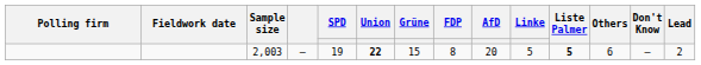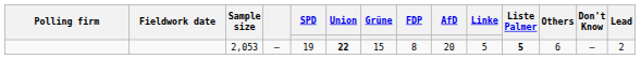 <table class="wikitable sortable mw-datatable mw-collapsible" style="text-align:center;font-size:90%;line-height:14px;">
 <tr style="height:40px;">
 <th style="width:155px;" rowspan="2">Polling firm</th>
 <th style="width:120px;" rowspan="2">Fieldwork date</th>
 <th style="width: 35px;" rowspan="2">Sample<br>size</th>
 <th style="width: 30px;" rowspan="2"></th>
 <th class="unsortable" style="width:40px;"><a href='#'>SPD</a></th>
 <th class="unsortable" style="width:40px;"><a href='#'>Union</a></th>
 <th class="unsortable" style="width:40px;"><a href='#'>Grüne</a></th>
 <th class="unsortable" style="width:40px;"><a href='#'>FDP</a></th>
 <th class="unsortable" style="width:40px;"><a href='#'>AfD</a></th>
 <th class="unsortable" style="width:40px;"><a href='#'>Linke</a></th>
 <th class="unsortable" style="width:40px;" rowspan="2">Liste <a href='#'>Palmer</a></th>
 <th class="unsortable" style="width:30px;" rowspan="2">Others</th>
 <th class="unsortable" style="width:30px;" rowspan="2">Don't Know</th>
 <th style="width:30px;" rowspan="2">Lead</th>
 </tr>
 <tr>
 <th style="background:"></th>
 <th style="background:"></th>
 <th style="background:"></th>
 <th style="background:"></th>
 <th style="background:"></th>
 <th style="background:"></th>
 </tr>
 <tr>
 <td></td>
 <td></td>
-<td>2,003</td>
+<td>2,053</td>
 <td>–</td>
 <td>19</td>
 <td><strong>22</strong></td>
 <td>15</td>
 <td>8</td>
 <td>20</td>
 <td>5</td>
 <td><strong>5</strong></td>
 <td>6</td>
 <td>–</td>
 <td style="background:">2</td>
 </tr>
 </table>
